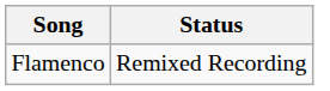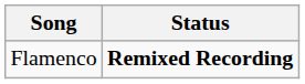 <table class="wikitable" style="font-size:85%">
 <tr>
 <th>Song</th>
 <th>Status</th>
 </tr>
 <tr>
 <td>Flamenco</td>
-<td>Remixed Recording</td>
+<td><strong>Remixed Recording</strong></td>
 </tr>
 </table>
